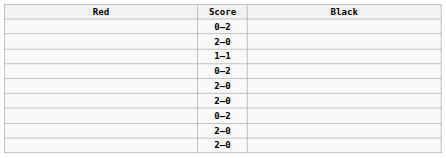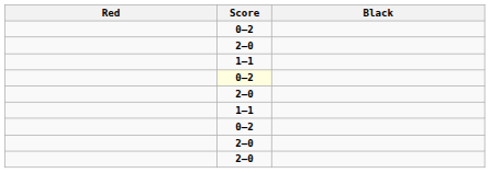 <table class="wikitable" style="text-align: center;">
 <tr>
 <th align="right" width="270">Red</th>
 <th width="65">Score</th>
 <th align="left" width="270">Black</th>
 </tr>
 <tr>
 <td align=left><strong></strong></td>
 <td align=center><strong>0–2</strong></td>
 <td align=left></td>
 </tr>
 <tr>
 <td align=left><strong></strong></td>
 <td align=center><strong>2–0</strong></td>
 <td align=left></td>
 </tr>
 <tr>
 <td align=left></td>
 <td align=center><strong>1–1</strong></td>
 <td align=left></td>
 </tr>
 <tr>
 <td align=left></td>
-<td align=center><strong>0–2</strong></td>
+<td align=center style="background: lightyellow;"><strong>0–2</strong></td>
 <td align=left><strong></strong></td>
 </tr>
 <tr>
 <td align=left></td>
 <td align=center><strong>2–0</strong></td>
 <td align=left><strong></strong></td>
 </tr>
 <tr>
 <td align=left></td>
-<td align=center><strong>2–0</strong></td>
+<td align=center><strong>1–1</strong></td>
 <td align=left></td>
 </tr>
 <tr>
 <td align=left></td>
 <td align=center><strong>0–2</strong></td>
 <td align=left><strong></strong></td>
 </tr>
 <tr>
 <td align=left><strong></strong></td>
 <td align=center><strong>2–0</strong></td>
 <td align=left></td>
 </tr>
 <tr>
 <td align=left><strong></strong></td>
 <td align=center><strong>2–0</strong></td>
 <td align=left></td>
 </tr>
 </table>
